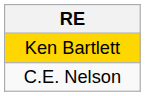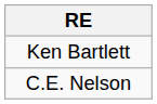 <table class="wikitable" width="120px">
 <tr>
 <th>RE</th>
 </tr>
 <tr>
-<td align="center" style="background: gold;">Ken Bartlett</td>
+<td align="center">Ken Bartlett</td>
 </tr>
 <tr>
 <td align="center">C.E. Nelson</td>
 </tr>
 </table>
